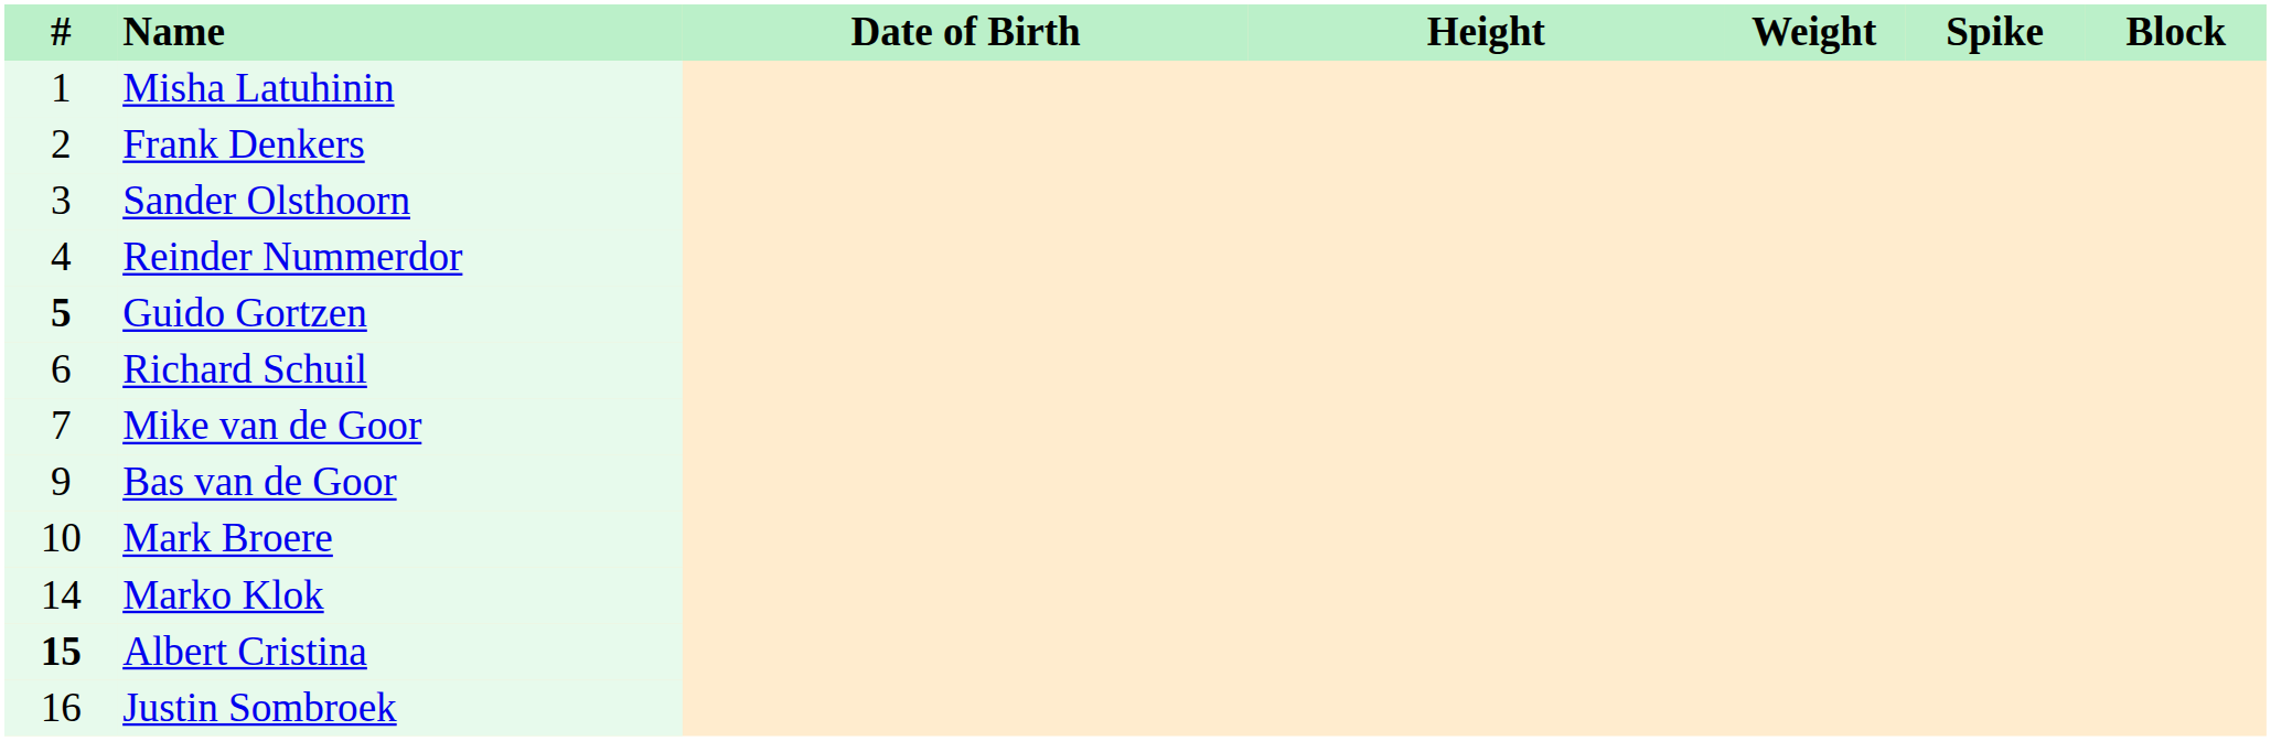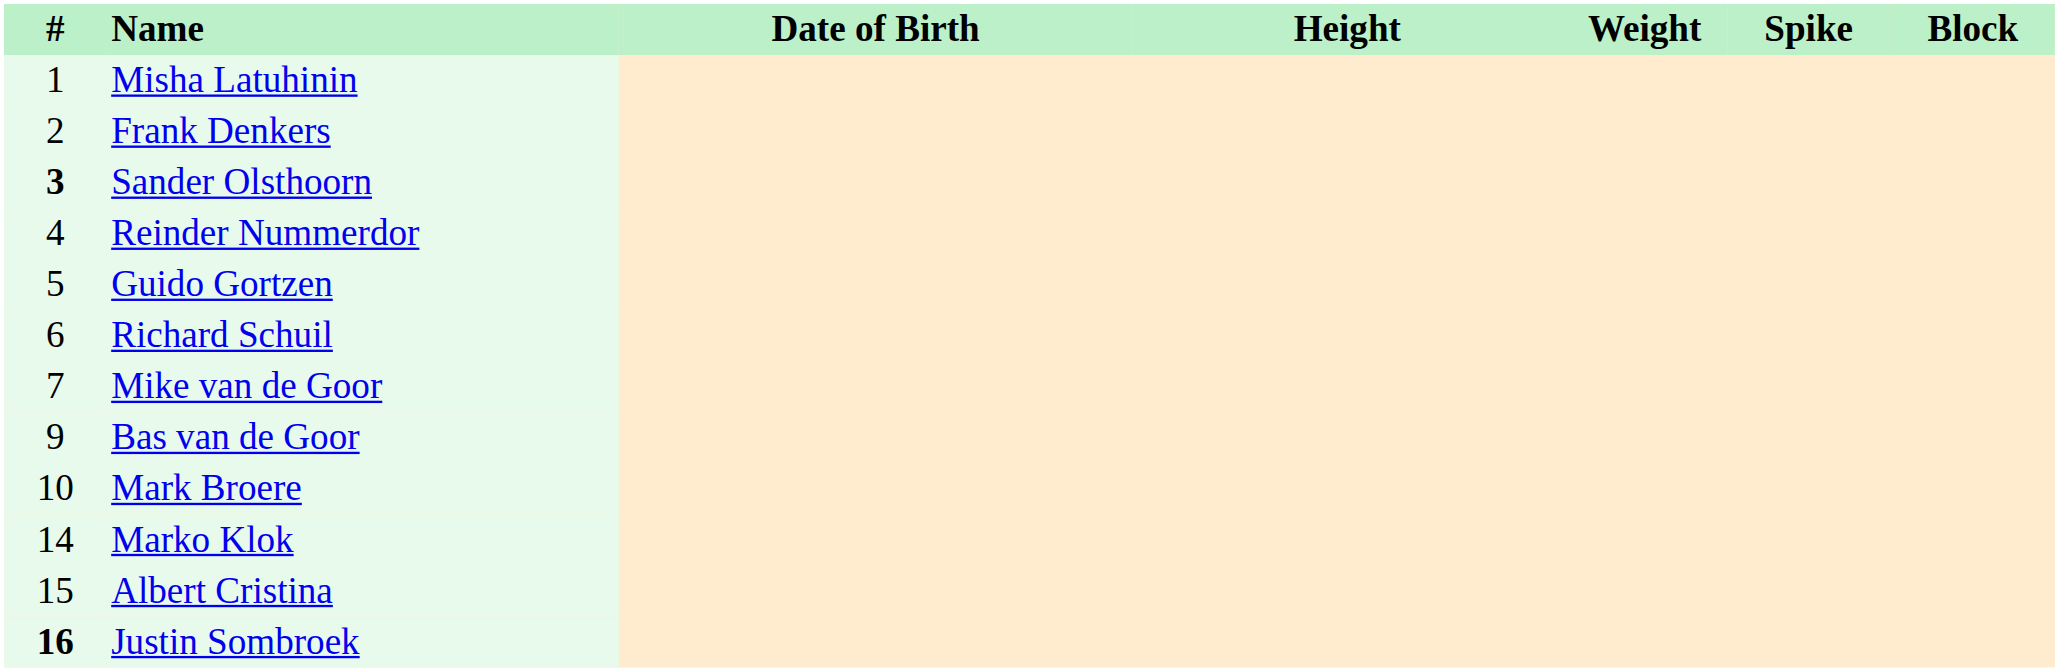 <table border=0 cellpadding=2 cellspacing=0  |- bgcolor=#FFECCE style=text-align:center; font-size:90%; width=100%>
 <tr bgcolor=#BBF0C9>
 <th width=5%>#</th>
 <th width=25% align=left>Name</th>
 <th width=25%>Date of Birth</th>
 <th width=21%>Height</th>
 <th width=8%>Weight</th>
 <th width=8%>Spike</th>
 <th width=8%>Block</th>
 </tr>
 <tr bgcolor=#E7FAEC>
 <td>1</td>
 <td align="left"><a href='#'>Misha Latuhinin</a></td>
 </tr>
 <tr bgcolor=#E7FAEC>
 <td>2</td>
 <td align="left"><a href='#'>Frank Denkers</a></td>
 </tr>
 <tr bgcolor=#E7FAEC>
-<td>3</td>
+<td><strong>3</strong></td>
 <td align="left"><a href='#'>Sander Olsthoorn</a></td>
 </tr>
 <tr bgcolor=#E7FAEC>
 <td>4</td>
 <td align="left"><a href='#'>Reinder Nummerdor</a></td>
 </tr>
 <tr bgcolor=#E7FAEC>
-<td><strong>5</strong></td>
+<td>5</td>
 <td align="left"><a href='#'>Guido Gortzen</a></td>
 </tr>
 <tr bgcolor=#E7FAEC>
 <td>6</td>
 <td align="left"><a href='#'>Richard Schuil</a></td>
 </tr>
 <tr bgcolor=#E7FAEC>
 <td>7</td>
 <td align="left"><a href='#'>Mike van de Goor</a></td>
 </tr>
 <tr bgcolor=#E7FAEC>
 <td>9</td>
 <td align="left"><a href='#'>Bas van de Goor</a></td>
 </tr>
 <tr bgcolor=#E7FAEC>
 <td>10</td>
 <td align="left"><a href='#'>Mark Broere</a></td>
 </tr>
 <tr bgcolor=#E7FAEC>
 <td>14</td>
 <td align="left"><a href='#'>Marko Klok</a></td>
 </tr>
 <tr bgcolor=#E7FAEC>
-<td><strong>15</strong></td>
+<td>15</td>
 <td align="left"><a href='#'>Albert Cristina</a></td>
 </tr>
 <tr bgcolor=#E7FAEC>
-<td>16</td>
+<td><strong>16</strong></td>
 <td align="left"><a href='#'>Justin Sombroek</a></td>
 </tr>
 </table>
